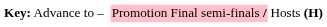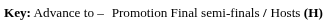 <table style="font-size: 85%;">
 <tr>
 <td height=5></td>
 </tr>
 <tr>
 <td><strong>Key:</strong> Advance to –</td>
 <td></td>
-<td style="background: pink;">Promotion Final semi-finals <strong>/</strong></td>
+<td>Promotion Final semi-finals <strong>/</strong></td>
 <td>Hosts <strong>(H)</strong></td>
 </tr>
 </table>
